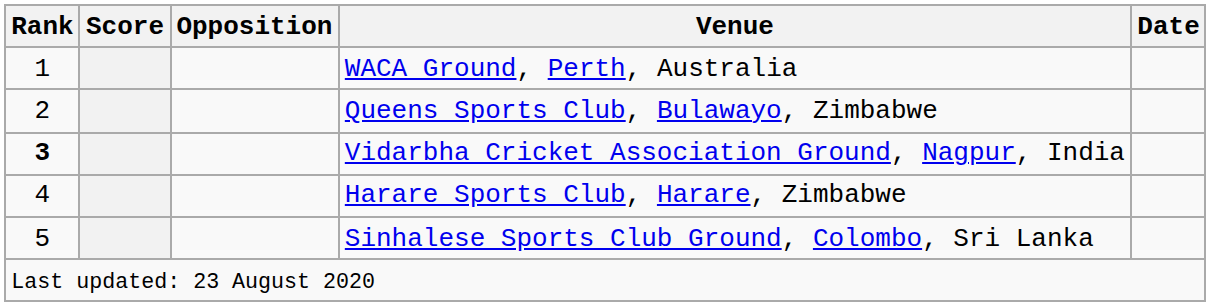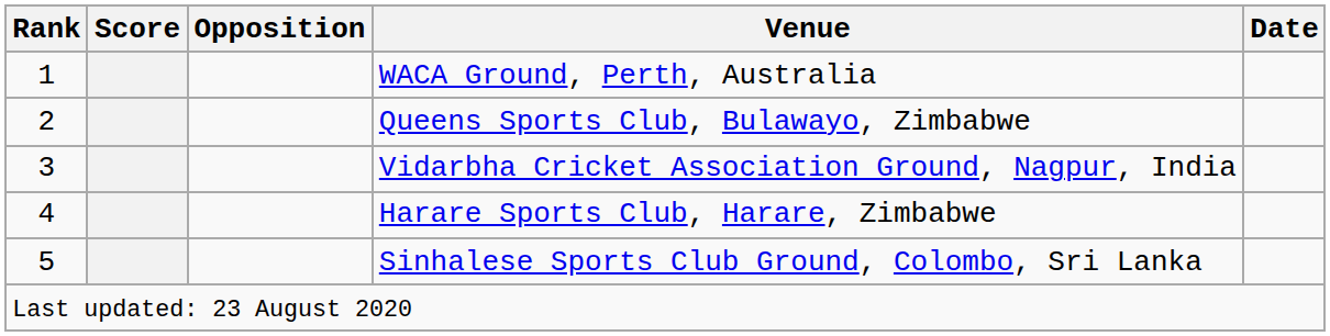 <table class="wikitable plainrowheaders sortable">
 <tr>
 <th scope=col>Rank</th>
 <th scope=col>Score</th>
 <th scope=col>Opposition</th>
 <th scope=col>Venue</th>
 <th scope=col>Date</th>
 </tr>
 <tr>
 <td align=center>1</td>
 <th scope=row style=text-align:center;></th>
 <td></td>
 <td><a href='#'>WACA Ground</a>, <a href='#'>Perth</a>, Australia</td>
 <td></td>
 </tr>
 <tr>
 <td align=center>2</td>
 <th scope=row style=text-align:center;></th>
 <td></td>
 <td><a href='#'>Queens Sports Club</a>, <a href='#'>Bulawayo</a>, Zimbabwe</td>
 <td></td>
 </tr>
 <tr>
-<td align=center><strong>3</strong></td>
+<td align=center>3</td>
 <th scope=row style=text-align:center;></th>
 <td></td>
 <td><a href='#'>Vidarbha Cricket Association Ground</a>, <a href='#'>Nagpur</a>, India</td>
 <td></td>
 </tr>
 <tr>
 <td align=center>4</td>
 <th scope=row style=text-align:center;></th>
 <td></td>
 <td><a href='#'>Harare Sports Club</a>, <a href='#'>Harare</a>, Zimbabwe</td>
 <td></td>
 </tr>
 <tr>
 <td align=center>5</td>
 <th scope=row style=text-align:center;></th>
 <td></td>
 <td><a href='#'>Sinhalese Sports Club Ground</a>, <a href='#'>Colombo</a>, Sri Lanka</td>
 <td></td>
 </tr>
 <tr>
 </tr>
 <tr class=sortbottom>
 <td colspan=5><small>Last updated: 23 August 2020</small></td>
 </tr>
 </table>
